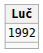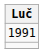 <table class="wikitable" style="margin: 0.5em auto; text-align: center;">
 <tr>
 <th colspan="1">Luč</th>
 </tr>
 <tr>
-<td>1992</td>
+<td>1991</td>
 </tr>
 <tr>
 <td></td>
 </tr>
 <tr>
 </tr>
 </table>
